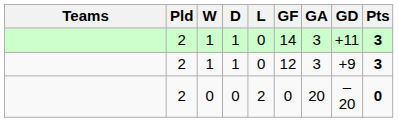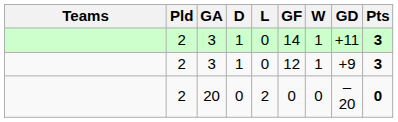 <table class="wikitable" style="text-align: center;">
 <tr>
 <th width=165>Teams</th>
 <th width=20>Pld</th>
-<th width=20>W</th>
+<th width=20>GA</th>
 <th width=20>D</th>
 <th width=20>L</th>
 <th width=20>GF</th>
-<th width=20>GA</th>
+<th width=20>W</th>
 <th width=20>GD</th>
 <th width=20>Pts</th>
 </tr>
 <tr align=center style="background:#ccffcc;">
 <td style="text-align:left;"></td>
 <td>2</td>
-<td>1</td>
+<td>3</td>
 <td>1</td>
 <td>0</td>
 <td>14</td>
-<td>3</td>
+<td>1</td>
 <td>+11</td>
 <td><strong>3</strong></td>
 </tr>
 <tr align=center>
 <td style="text-align:left;"></td>
 <td>2</td>
-<td>1</td>
+<td>3</td>
 <td>1</td>
 <td>0</td>
 <td>12</td>
-<td>3</td>
+<td>1</td>
 <td>+9</td>
 <td><strong>3</strong></td>
 </tr>
 <tr align=center>
 <td style="text-align:left;"></td>
 <td>2</td>
-<td>0</td>
+<td>20</td>
 <td>0</td>
 <td>2</td>
 <td>0</td>
-<td>20</td>
+<td>0</td>
 <td>–20</td>
 <td><strong>0</strong></td>
 </tr>
 </table>
